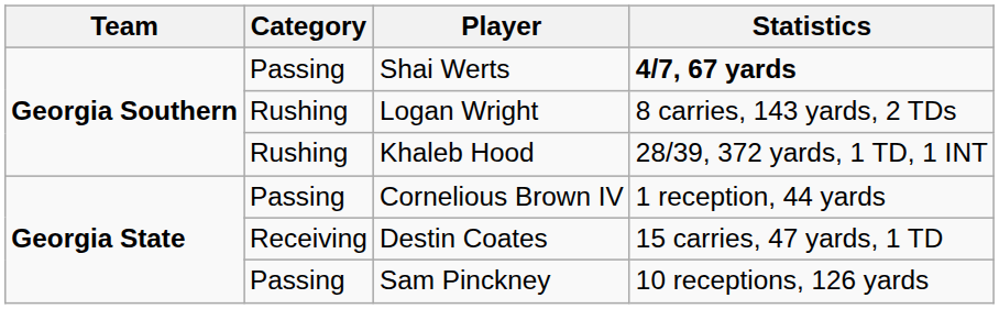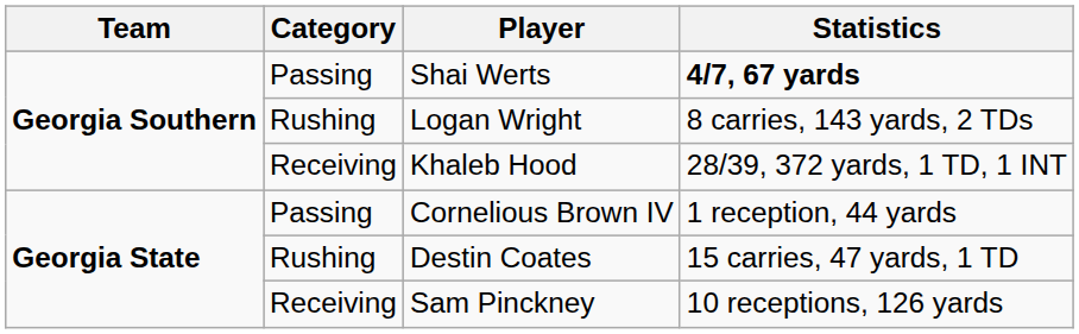 <table class="wikitable" style="float: left;">
 <tr>
 <th>Team</th>
 <th>Category</th>
 <th>Player</th>
 <th>Statistics</th>
 </tr>
 <tr>
 <td rowspan=3><strong>Georgia Southern</strong></td>
 <td>Passing</td>
 <td>Shai Werts</td>
 <td><strong>4/7, 67 yards</strong></td>
 </tr>
 <tr>
 <td>Rushing</td>
 <td>Logan Wright</td>
 <td>8 carries, 143 yards, 2 TDs</td>
 </tr>
 <tr>
-<td>Rushing</td>
+<td>Receiving</td>
 <td>Khaleb Hood</td>
 <td>28/39, 372 yards, 1 TD, 1 INT</td>
 </tr>
 <tr>
 <td rowspan=3><strong>Georgia State</strong></td>
 <td>Passing</td>
 <td>Cornelious Brown IV</td>
 <td>1 reception, 44 yards</td>
 </tr>
 <tr>
-<td>Receiving</td>
+<td>Rushing</td>
 <td>Destin Coates</td>
 <td>15 carries, 47 yards, 1 TD</td>
 </tr>
 <tr>
-<td>Passing</td>
+<td>Receiving</td>
 <td>Sam Pinckney</td>
 <td>10 receptions, 126 yards</td>
 </tr>
 </table>
